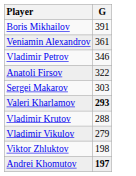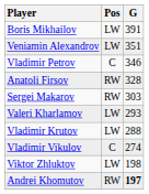 <table class="wikitable" style="text-align:center;">
 <tr>
 <th style="text-align:left;">Player</th>
+<th>Pos</th>
 <th>G</th>
 </tr>
 <tr>
 <td style="text-align:left;"><a href='#'>Boris Mikhailov</a></td>
+<td>LW</td>
 <td>391</td>
 </tr>
 <tr style="background:#eee;">
 <td style="text-align:left;"><a href='#'>Veniamin Alexandrov</a></td>
-<td>361</td>
+<td>LW</td>
+<td>351</td>
 </tr>
 <tr>
 <td style="text-align:left;"><a href='#'>Vladimir Petrov</a></td>
+<td>C</td>
 <td>346</td>
 </tr>
 <tr style="background:#eee;">
 <td style="text-align:left;"><a href='#'>Anatoli Firsov</a></td>
-<td>322</td>
+<td>RW</td>
+<td>328</td>
 </tr>
 <tr>
 <td style="text-align:left;"><a href='#'>Sergei Makarov</a></td>
+<td>RW</td>
 <td>303</td>
 </tr>
 <tr style="background:#eee;">
 <td style="text-align:left;"><a href='#'>Valeri Kharlamov</a></td>
-<td><strong>293</strong></td>
+<td>LW</td>
+<td>293</td>
 </tr>
 <tr>
 <td style="text-align:left;"><a href='#'>Vladimir Krutov</a></td>
+<td>LW</td>
 <td>288</td>
 </tr>
 <tr style="background:#eee;">
 <td style="text-align:left;"><a href='#'>Vladimir Vikulov</a></td>
-<td>279</td>
+<td>C</td>
+<td>274</td>
 </tr>
 <tr>
 <td style="text-align:left;"><a href='#'>Viktor Zhluktov</a></td>
+<td>LW</td>
 <td>198</td>
 </tr>
 <tr style="background:#eee;">
 <td style="text-align:left;"><a href='#'>Andrei Khomutov</a></td>
+<td>RW</td>
 <td><strong>197</strong></td>
 </tr>
 </table>
